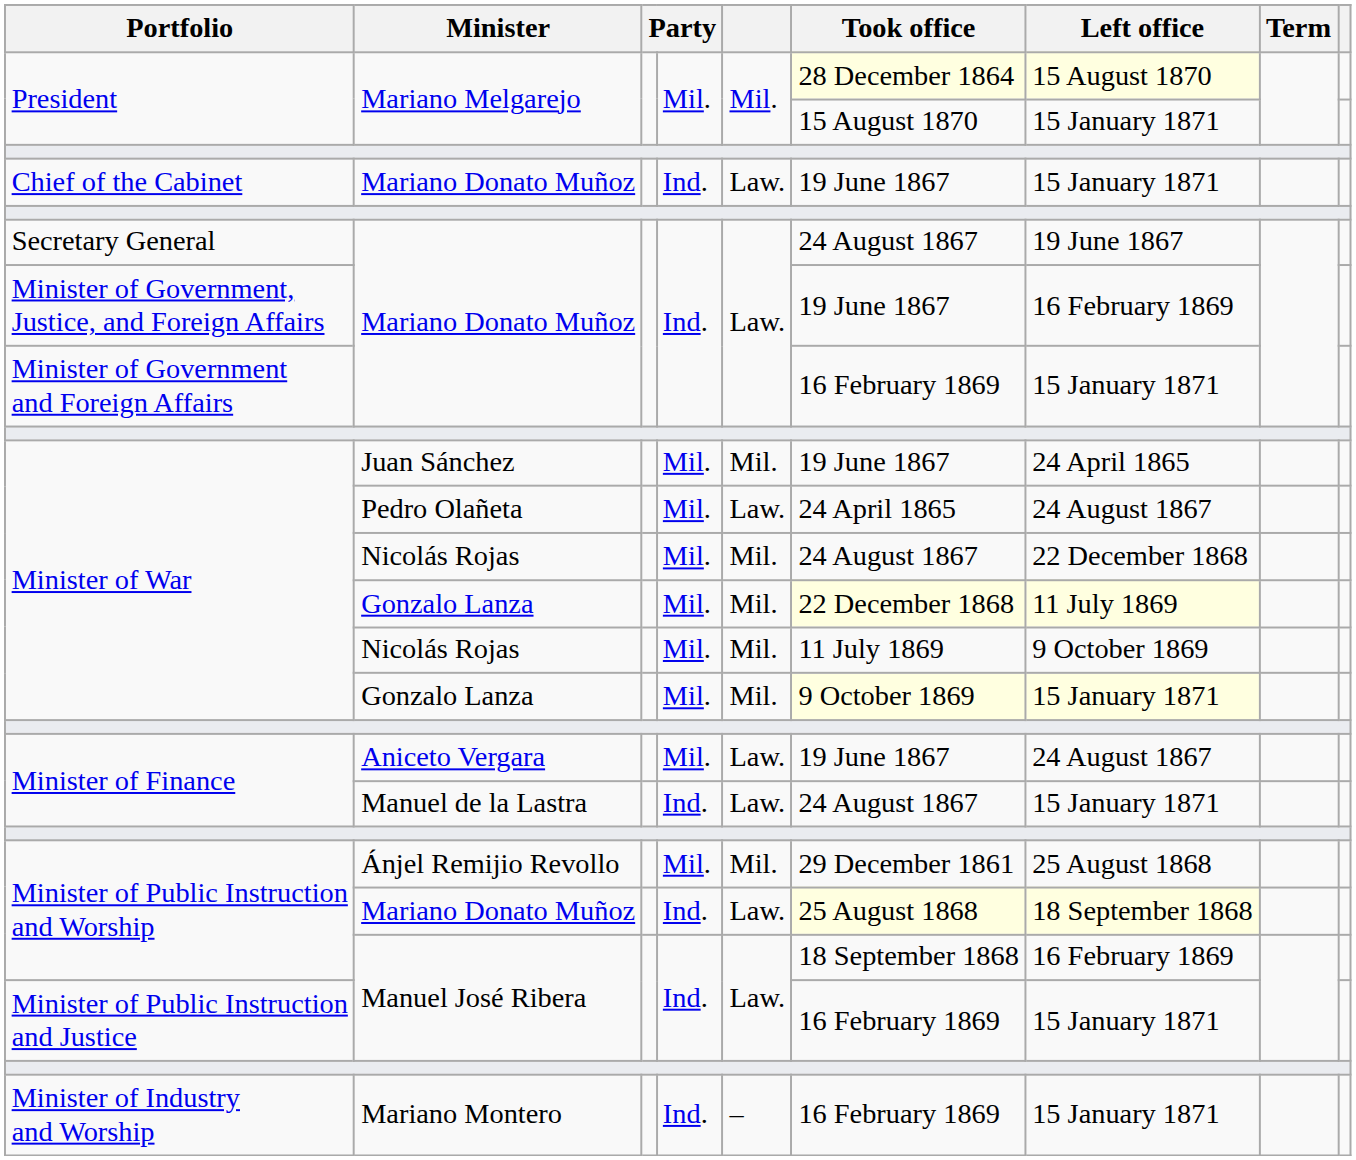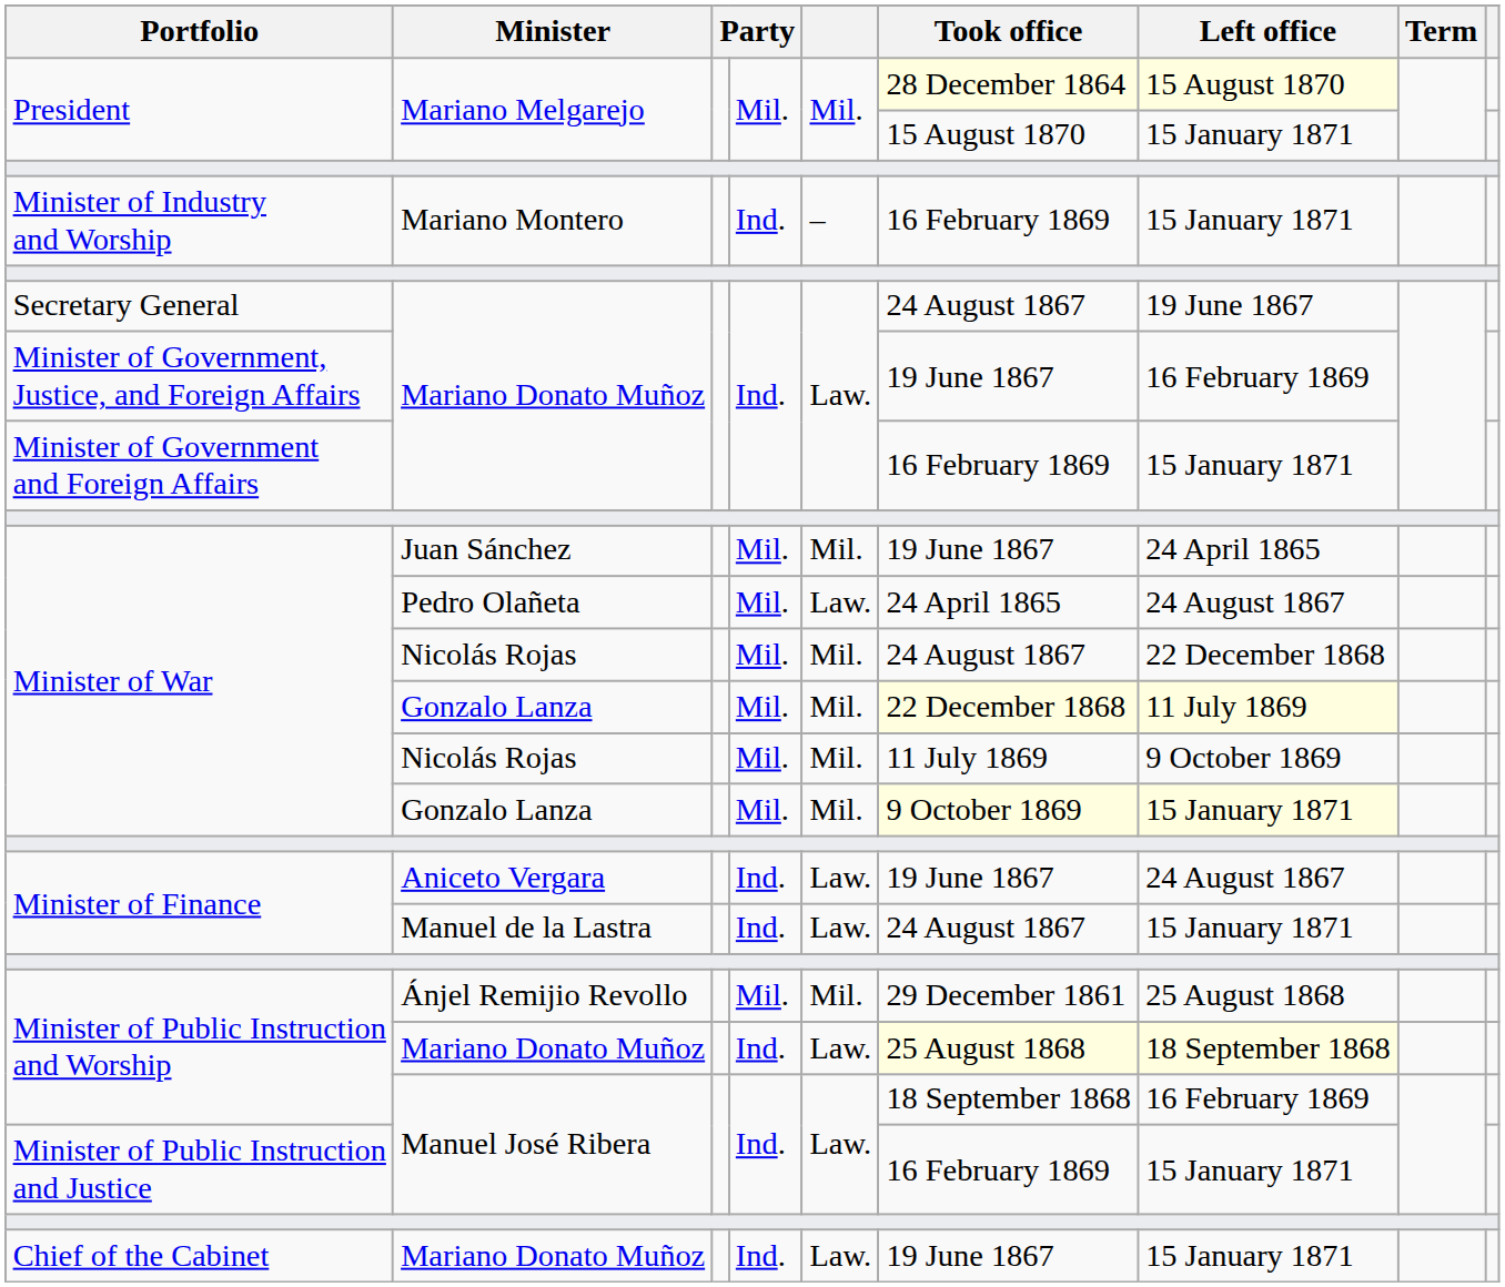 <table class="wikitable" style="font-size:90%;">
 <tr>
 <th>Portfolio</th>
 <th>Minister</th>
 <th colspan="2">Party</th>
 <th></th>
 <th>Took office</th>
 <th>Left office</th>
 <th>Term</th>
 <th></th>
 </tr>
 <tr>
 <td rowspan=2><a href='#'>President</a></td>
 <td rowspan=2><a href='#'>Mariano Melgarejo</a></td>
 <td rowspan=2 style="background-color:"></td>
 <td rowspan=2><a href='#'>Mil</a>.</td>
 <td rowspan=2><a href='#'>Mil</a>.</td>
 <td style="background-color:#FFFFE0;">28 December 1864</td>
 <td style="background-color:#FFFFE0;">15 August 1870</td>
 <td rowspan=2></td>
 <td></td>
 </tr>
 <tr>
 <td>15 August 1870</td>
 <td>15 January 1871</td>
 <td></td>
 </tr>
 <tr>
 <td colspan="9" bgcolor="#EAECF0"></td>
 </tr>
 <tr>
-<td><a href='#'>Chief of the Cabinet</a></td>
-<td><a href='#'>Mariano Donato Muñoz</a></td>
+<td><a href='#'>Minister of Industry<br>and Worship</a></td>
+<td>Mariano Montero</td>
 <td style="background-color:"></td>
 <td><a href='#'>Ind</a>.</td>
-<td>Law.</td>
-<td>19 June 1867</td>
+<td>–</td>
+<td>16 February 1869</td>
 <td>15 January 1871</td>
 <td></td>
 <td></td>
 </tr>
 <tr>
 <td colspan="9" bgcolor="#EAECF0"></td>
 </tr>
 <tr>
 <td>Secretary General</td>
 <td rowspan=3><a href='#'>Mariano Donato Muñoz</a></td>
 <td rowspan=3 style="background-color:"></td>
 <td rowspan=3><a href='#'>Ind</a>.</td>
 <td rowspan=3>Law.</td>
 <td>24 August 1867</td>
 <td>19 June 1867</td>
 <td rowspan=3></td>
 <td></td>
 </tr>
 <tr>
 <td><a href='#'>Minister of Government,<br>Justice, and Foreign Affairs</a></td>
 <td>19 June 1867</td>
 <td>16 February 1869</td>
 <td></td>
 </tr>
 <tr>
 <td><a href='#'>Minister of Government<br>and Foreign Affairs</a></td>
 <td>16 February 1869</td>
 <td>15 January 1871</td>
 <td></td>
 </tr>
 <tr>
 <td colspan="9" bgcolor="#EAECF0"></td>
 </tr>
 <tr>
 <td rowspan=6><a href='#'>Minister of War</a></td>
 <td>Juan Sánchez</td>
 <td style="background-color:"></td>
 <td><a href='#'>Mil</a>.</td>
 <td>Mil.</td>
 <td>19 June 1867</td>
 <td>24 April 1865</td>
 <td></td>
 <td></td>
 </tr>
 <tr>
 <td>Pedro Olañeta</td>
 <td style="background-color:"></td>
 <td><a href='#'>Mil</a>.</td>
 <td>Law.</td>
 <td>24 April 1865</td>
 <td>24 August 1867</td>
 <td></td>
 <td></td>
 </tr>
 <tr>
 <td>Nicolás Rojas</td>
 <td style="background-color:"></td>
 <td><a href='#'>Mil</a>.</td>
 <td>Mil.</td>
 <td>24 August 1867</td>
 <td>22 December 1868</td>
 <td></td>
 <td></td>
 </tr>
 <tr>
 <td><a href='#'>Gonzalo Lanza</a></td>
 <td style="background-color:"></td>
 <td><a href='#'>Mil</a>.</td>
 <td>Mil.</td>
 <td style="background-color:#FFFFE0;">22 December 1868</td>
 <td style="background-color:#FFFFE0;">11 July 1869</td>
 <td></td>
 <td></td>
 </tr>
 <tr>
 <td>Nicolás Rojas</td>
 <td style="background-color:"></td>
 <td><a href='#'>Mil</a>.</td>
 <td>Mil.</td>
 <td>11 July 1869</td>
 <td>9 October 1869</td>
 <td></td>
 <td></td>
 </tr>
 <tr>
 <td>Gonzalo Lanza</td>
 <td style="background-color:"></td>
 <td><a href='#'>Mil</a>.</td>
 <td>Mil.</td>
 <td style="background-color:#FFFFE0;">9 October 1869</td>
 <td style="background-color:#FFFFE0;">15 January 1871</td>
 <td></td>
 <td></td>
 </tr>
 <tr>
 <td colspan="9" bgcolor="#EAECF0"></td>
 </tr>
 <tr>
 <td rowspan=2><a href='#'>Minister of Finance</a></td>
 <td><a href='#'>Aniceto Vergara</a></td>
 <td style="background-color:"></td>
-<td><a href='#'>Mil</a>.</td>
+<td><a href='#'>Ind</a>.</td>
 <td>Law.</td>
 <td>19 June 1867</td>
 <td>24 August 1867</td>
 <td></td>
 <td></td>
 </tr>
 <tr>
 <td>Manuel de la Lastra</td>
 <td style="background-color:"></td>
 <td><a href='#'>Ind</a>.</td>
 <td>Law.</td>
 <td>24 August 1867</td>
 <td>15 January 1871</td>
 <td></td>
 <td></td>
 </tr>
 <tr>
 <td colspan="9" bgcolor="#EAECF0"></td>
 </tr>
 <tr>
 <td rowspan=3><a href='#'>Minister of Public Instruction<br>and Worship</a></td>
 <td>Ánjel Remijio Revollo</td>
 <td style="background-color:"></td>
 <td><a href='#'>Mil</a>.</td>
 <td>Mil.</td>
 <td>29 December 1861</td>
 <td>25 August 1868</td>
 <td></td>
 <td></td>
 </tr>
 <tr>
 <td><a href='#'>Mariano Donato Muñoz</a></td>
 <td style="background-color:"></td>
 <td><a href='#'>Ind</a>.</td>
 <td>Law.</td>
 <td style="background-color:#FFFFE0;">25 August 1868</td>
 <td style="background-color:#FFFFE0;">18 September 1868</td>
 <td></td>
 <td></td>
 </tr>
 <tr>
 <td rowspan=2>Manuel José Ribera</td>
 <td rowspan=2 style="background-color:"></td>
 <td rowspan=2><a href='#'>Ind</a>.</td>
 <td rowspan=2>Law.</td>
 <td>18 September 1868</td>
 <td>16 February 1869</td>
 <td rowspan=2></td>
 <td></td>
 </tr>
 <tr>
 <td><a href='#'>Minister of Public Instruction<br>and Justice</a></td>
 <td>16 February 1869</td>
 <td>15 January 1871</td>
 <td></td>
 </tr>
 <tr>
 <td colspan="9" bgcolor="#EAECF0"></td>
 </tr>
 <tr>
-<td><a href='#'>Minister of Industry<br>and Worship</a></td>
-<td>Mariano Montero</td>
+<td><a href='#'>Chief of the Cabinet</a></td>
+<td><a href='#'>Mariano Donato Muñoz</a></td>
 <td style="background-color:"></td>
 <td><a href='#'>Ind</a>.</td>
-<td>–</td>
-<td>16 February 1869</td>
+<td>Law.</td>
+<td>19 June 1867</td>
 <td>15 January 1871</td>
 <td></td>
 <td></td>
 </tr>
 </table>
